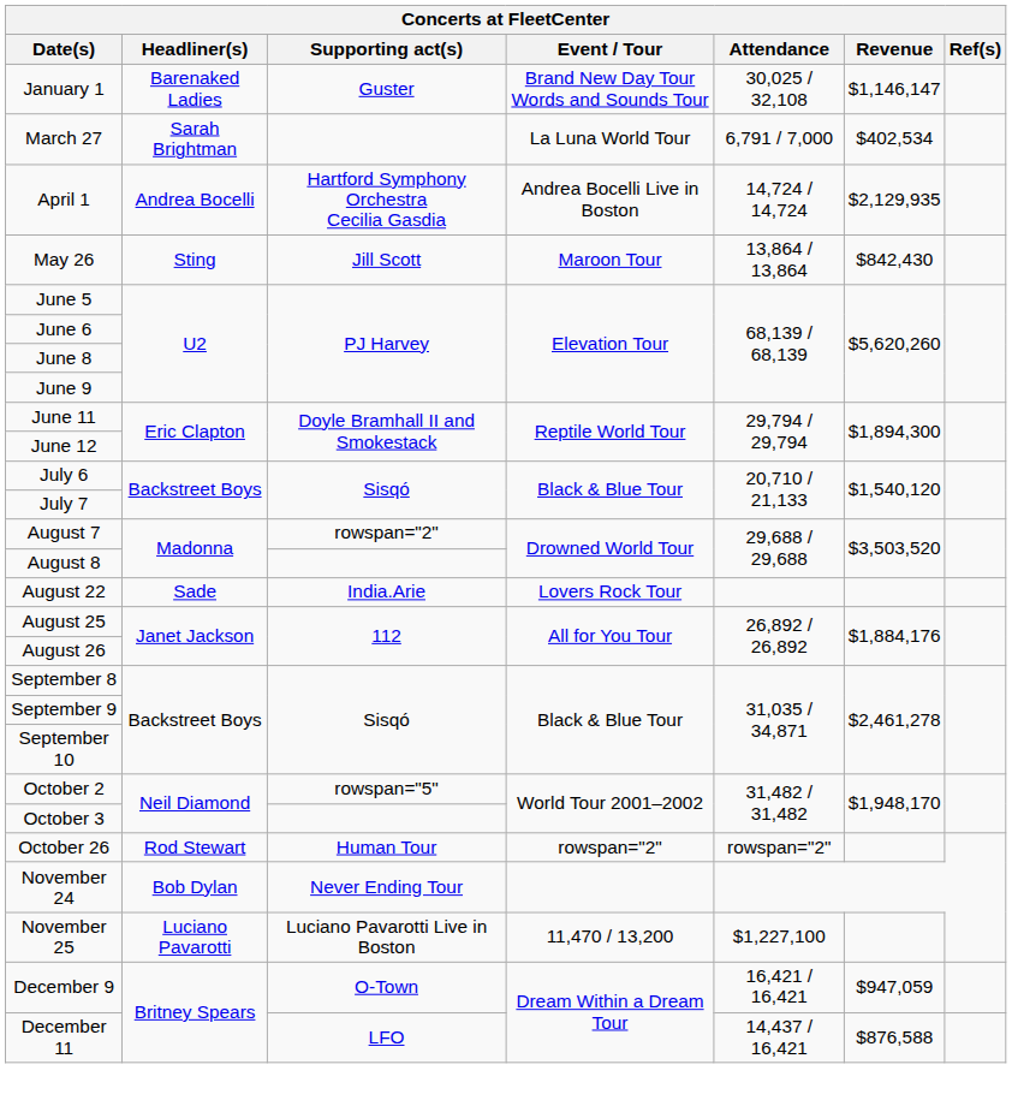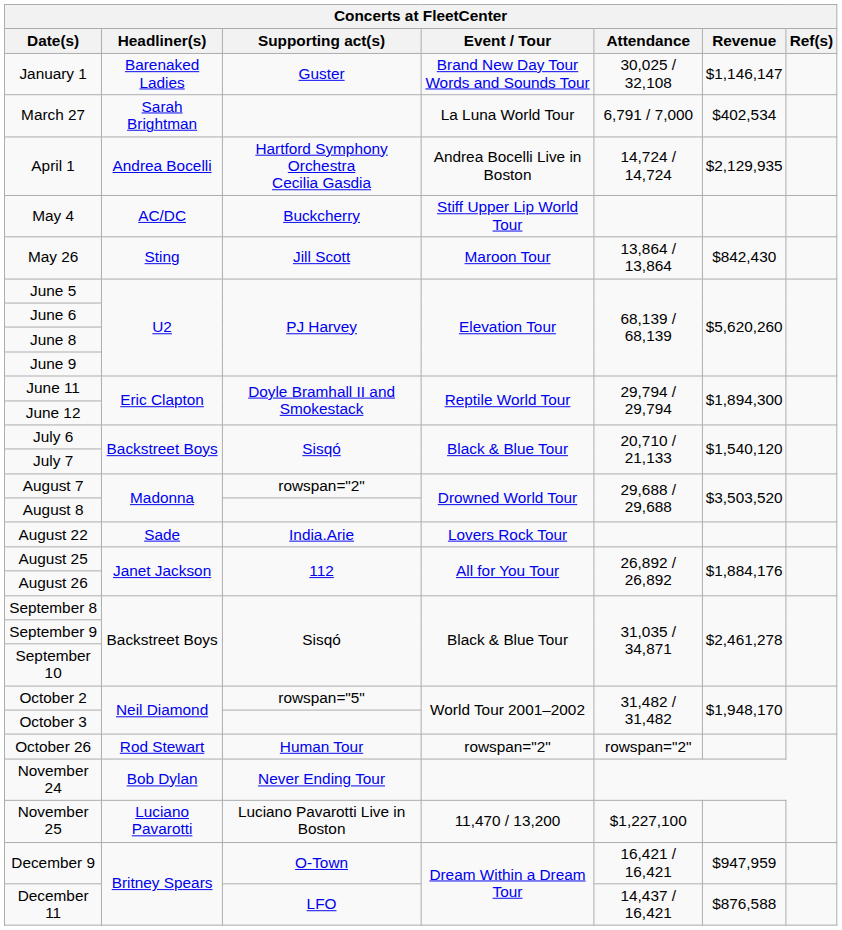 <table class="wikitable mw-collapsible mw-collapsed" style="text-align:center;">
 <tr>
 <th colspan="7">Concerts at FleetCenter</th>
 </tr>
 <tr>
 <th>Date(s)</th>
 <th>Headliner(s)</th>
 <th>Supporting act(s)</th>
 <th>Event / Tour</th>
 <th>Attendance</th>
 <th>Revenue</th>
 <th>Ref(s)</th>
 </tr>
 <tr>
 <td>January 1</td>
 <td><a href='#'>Barenaked Ladies</a></td>
 <td><a href='#'>Guster</a></td>
 <td><a href='#'>Brand New Day Tour</a><br><a href='#'>Words and Sounds Tour</a></td>
 <td>30,025 / 32,108</td>
 <td>$1,146,147</td>
 <td></td>
 </tr>
 <tr>
 <td>March 27</td>
 <td><a href='#'>Sarah Brightman</a></td>
 <td></td>
 <td>La Luna World Tour</td>
 <td>6,791 / 7,000</td>
 <td>$402,534</td>
 <td></td>
 </tr>
 <tr>
 <td>April 1</td>
 <td><a href='#'>Andrea Bocelli</a></td>
 <td><a href='#'>Hartford Symphony Orchestra</a><br><a href='#'>Cecilia Gasdia</a></td>
 <td>Andrea Bocelli Live in Boston</td>
 <td>14,724 / 14,724</td>
 <td>$2,129,935</td>
+<td></td>
+</tr>
+<tr>
+<td>May 4</td>
+<td><a href='#'>AC/DC</a></td>
+<td><a href='#'>Buckcherry</a></td>
+<td><a href='#'>Stiff Upper Lip World Tour</a></td>
+<td></td>
+<td></td>
 <td></td>
 </tr>
 <tr>
 <td>May 26</td>
 <td><a href='#'>Sting</a></td>
 <td><a href='#'>Jill Scott</a></td>
 <td><a href='#'>Maroon Tour</a></td>
 <td>13,864 / 13,864</td>
 <td>$842,430</td>
 <td></td>
 </tr>
 <tr>
 <td>June 5</td>
 <td rowspan="4"><a href='#'>U2</a></td>
 <td rowspan="4"><a href='#'>PJ Harvey</a></td>
 <td rowspan="4"><a href='#'>Elevation Tour</a></td>
 <td rowspan="4">68,139 / 68,139</td>
 <td rowspan="4">$5,620,260</td>
 <td rowspan="4"></td>
 </tr>
 <tr>
 <td>June 6</td>
 </tr>
 <tr>
 <td>June 8</td>
 </tr>
 <tr>
 <td>June 9</td>
 </tr>
 <tr>
 <td>June 11</td>
 <td rowspan="2"><a href='#'>Eric Clapton</a></td>
 <td rowspan="2"><a href='#'>Doyle Bramhall II and Smokestack</a></td>
 <td rowspan="2"><a href='#'>Reptile World Tour</a></td>
 <td rowspan="2">29,794 / 29,794</td>
 <td rowspan="2">$1,894,300</td>
 <td rowspan="2"></td>
 </tr>
 <tr>
 <td>June 12</td>
 </tr>
 <tr>
 <td>July 6</td>
 <td rowspan="2"><a href='#'>Backstreet Boys</a></td>
 <td rowspan="2"><a href='#'>Sisqó</a></td>
 <td rowspan="2"><a href='#'>Black & Blue Tour</a></td>
 <td rowspan="2">20,710 / 21,133</td>
 <td rowspan="2">$1,540,120</td>
 <td rowspan="2"></td>
 </tr>
 <tr>
 <td>July 7</td>
 </tr>
 <tr>
 <td>August 7</td>
 <td rowspan="2"><a href='#'>Madonna</a></td>
 <td>rowspan="2" </td>
 <td rowspan="2"><a href='#'>Drowned World Tour</a></td>
 <td rowspan="2">29,688 / 29,688</td>
 <td rowspan="2">$3,503,520</td>
 <td rowspan="2"></td>
 </tr>
 <tr>
 <td>August 8</td>
 </tr>
 <tr>
 <td>August 22</td>
 <td><a href='#'>Sade</a></td>
 <td><a href='#'>India.Arie</a></td>
 <td><a href='#'>Lovers Rock Tour</a></td>
 <td></td>
 <td></td>
 <td></td>
 </tr>
 <tr>
 <td>August 25</td>
 <td rowspan="2"><a href='#'>Janet Jackson</a></td>
 <td rowspan="2"><a href='#'>112</a></td>
 <td rowspan="2"><a href='#'>All for You Tour</a></td>
 <td rowspan="2">26,892 / 26,892</td>
 <td rowspan="2">$1,884,176</td>
 <td rowspan="2"></td>
 </tr>
 <tr>
 <td>August 26</td>
 </tr>
 <tr>
 <td>September 8</td>
 <td rowspan="3">Backstreet Boys</td>
 <td rowspan="3">Sisqó</td>
 <td rowspan="3">Black & Blue Tour</td>
 <td rowspan="3">31,035 / 34,871</td>
 <td rowspan="3">$2,461,278</td>
 <td rowspan="3"></td>
 </tr>
 <tr>
 <td>September 9</td>
 </tr>
 <tr>
 <td>September 10</td>
 </tr>
 <tr>
 <td>October 2</td>
 <td rowspan="2"><a href='#'>Neil Diamond</a></td>
 <td>rowspan="5" </td>
 <td rowspan="2">World Tour 2001–2002</td>
 <td rowspan="2">31,482 / 31,482</td>
 <td rowspan="2">$1,948,170</td>
 <td rowspan="2"></td>
 </tr>
 <tr>
 <td>October 3</td>
 </tr>
 <tr>
 <td>October 26</td>
 <td><a href='#'>Rod Stewart</a></td>
 <td><a href='#'>Human Tour</a></td>
 <td>rowspan="2" </td>
 <td>rowspan="2" </td>
 <td></td>
 </tr>
 <tr>
 <td>November 24</td>
 <td><a href='#'>Bob Dylan</a></td>
 <td><a href='#'>Never Ending Tour</a></td>
 <td></td>
 </tr>
 <tr>
 <td>November 25</td>
 <td><a href='#'>Luciano Pavarotti</a></td>
 <td>Luciano Pavarotti Live in Boston</td>
 <td>11,470 / 13,200</td>
 <td>$1,227,100</td>
 <td></td>
 </tr>
 <tr>
 <td>December 9</td>
 <td rowspan="2"><a href='#'>Britney Spears</a></td>
 <td><a href='#'>O-Town</a></td>
 <td rowspan="2"><a href='#'>Dream Within a Dream Tour</a></td>
 <td>16,421 / 16,421</td>
-<td>$947,059</td>
+<td>$947,959</td>
 <td></td>
 </tr>
 <tr>
 <td>December 11</td>
 <td><a href='#'>LFO</a></td>
 <td>14,437 / 16,421</td>
 <td>$876,588</td>
 <td></td>
 </tr>
 </table>
